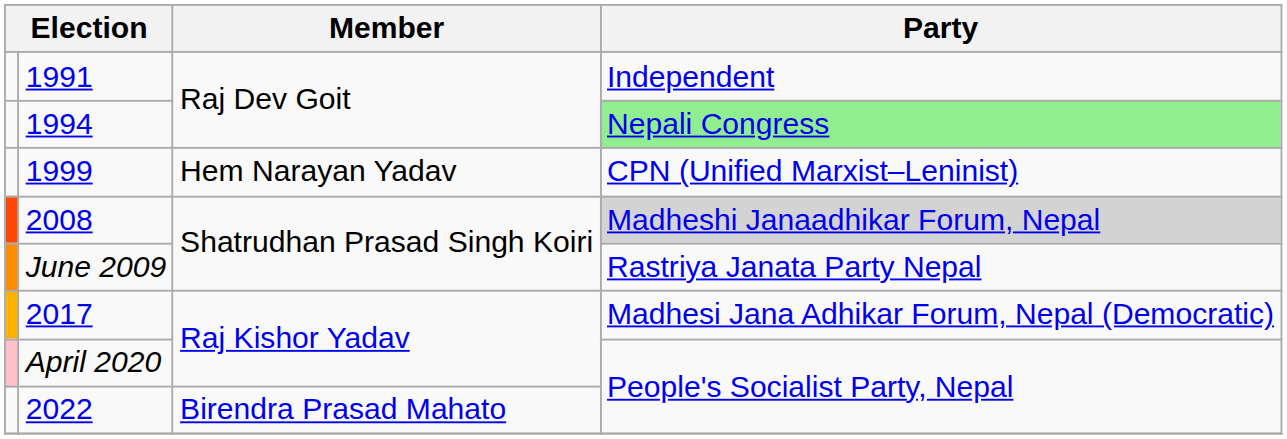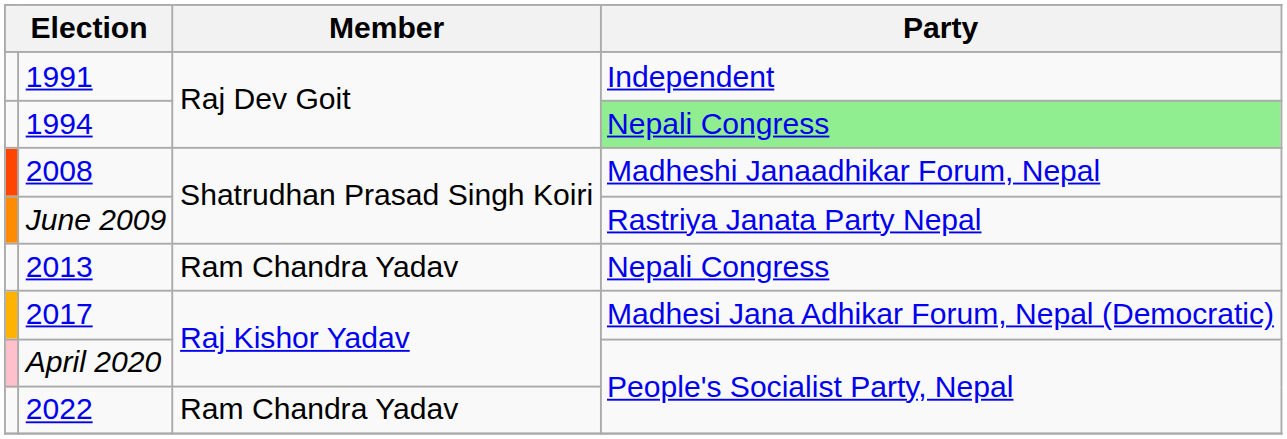 <table class="wikitable">
 <tr>
 <th colspan="2">Election</th>
 <th>Member</th>
 <th>Party</th>
 </tr>
 <tr>
 <td style="background-color:"></td>
 <td><a href='#'>1991</a></td>
 <td rowspan="2">Raj Dev Goit</td>
 <td><a href='#'>Independent</a></td>
 </tr>
 <tr>
 <td style="background-color:"></td>
 <td><a href='#'>1994</a></td>
 <td style="background: lightgreen;"><a href='#'>Nepali Congress</a></td>
 </tr>
 <tr>
-<td style="background-color:"></td>
-<td><a href='#'>1999</a></td>
-<td>Hem Narayan Yadav</td>
-<td><a href='#'>CPN (Unified Marxist–Leninist)</a></td>
-</tr>
-<tr>
 <td style="background-color:orangered"></td>
 <td><a href='#'>2008</a></td>
 <td rowspan="2">Shatrudhan Prasad Singh Koiri</td>
-<td style="background: lightgrey;"><a href='#'>Madheshi Janaadhikar Forum, Nepal</a></td>
+<td><a href='#'>Madheshi Janaadhikar Forum, Nepal</a></td>
 </tr>
 <tr>
 <td style="background-color:darkorange"></td>
 <td><em>June 2009</em></td>
 <td><a href='#'>Rastriya Janata Party Nepal</a></td>
+</tr>
+<tr>
+<td style="background-color:"></td>
+<td><a href='#'>2013</a></td>
+<td>Ram Chandra Yadav</td>
+<td><a href='#'>Nepali Congress</a></td>
 </tr>
 <tr>
 <td style="background-color:#ffb300"></td>
 <td><a href='#'>2017</a></td>
 <td rowspan="2"><a href='#'>Raj Kishor Yadav</a></td>
 <td><a href='#'>Madhesi Jana Adhikar Forum, Nepal (Democratic)</a></td>
 </tr>
 <tr>
 <td style="background-color:pink"></td>
 <td><em>April 2020</em></td>
 <td rowspan="2"><a href='#'>People's Socialist Party, Nepal</a></td>
 </tr>
 <tr>
 <td></td>
 <td><a href='#'>2022</a></td>
-<td><a href='#'>Birendra Prasad Mahato</a></td>
+<td>Ram Chandra Yadav</td>
 </tr>
 <tr>
 </tr>
 </table>
